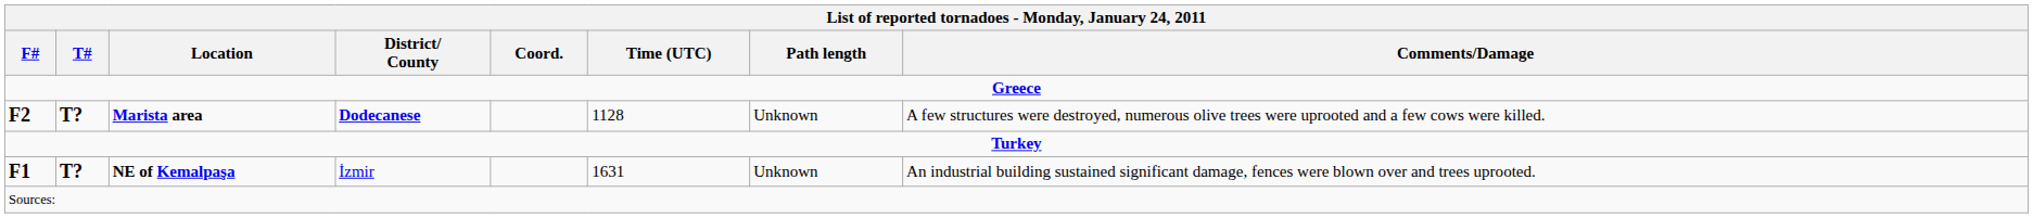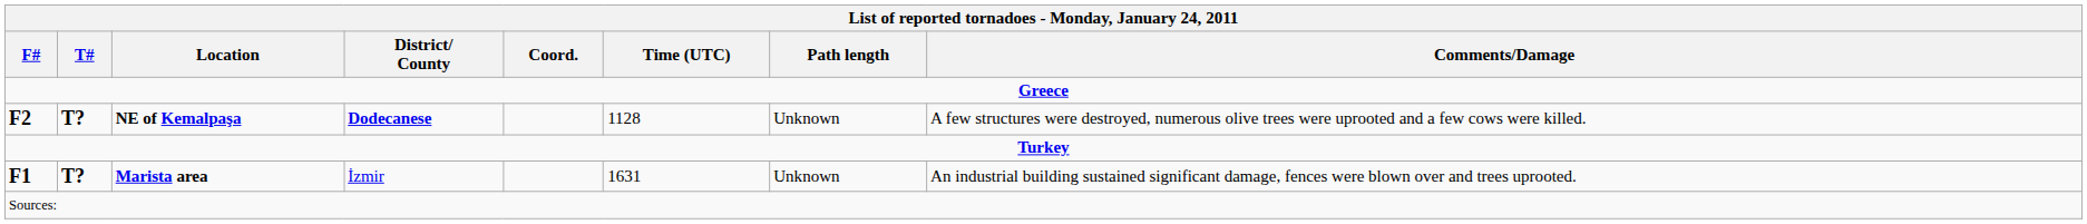 <table class="wikitable collapsible" width="100%">
 <tr>
 <th colspan="8">List of reported tornadoes - Monday, January 24, 2011</th>
 </tr>
 <tr>
 <th><a href='#'>F#</a></th>
 <th><a href='#'>T#</a></th>
 <th>Location</th>
 <th>District/<br>County</th>
 <th>Coord.</th>
 <th>Time (UTC)</th>
 <th>Path length</th>
 <th>Comments/Damage</th>
 </tr>
 <tr>
 <td colspan="8" align=center><strong><a href='#'>Greece</a></strong></td>
 </tr>
 <tr>
 <td><big><strong>F2</strong></big></td>
 <td><big><strong>T?</strong></big></td>
-<td><strong><a href='#'>Marista</a> area</strong></td>
+<td><strong>NE of <a href='#'>Kemalpaşa</a></strong></td>
 <td><strong><a href='#'>Dodecanese</a></strong></td>
 <td></td>
 <td>1128</td>
 <td>Unknown</td>
 <td>A few structures were destroyed, numerous olive trees were uprooted and a few cows were killed.</td>
 </tr>
 <tr>
 <td colspan="8" align=center><strong><a href='#'>Turkey</a></strong></td>
 </tr>
 <tr>
 <td><big><strong>F1</strong></big></td>
 <td><big><strong>T?</strong></big></td>
-<td><strong>NE of <a href='#'>Kemalpaşa</a></strong></td>
+<td><strong><a href='#'>Marista</a> area</strong></td>
 <td><a href='#'>İzmir</a></td>
 <td></td>
 <td>1631</td>
 <td>Unknown</td>
 <td>An industrial building sustained significant damage, fences were blown over and trees uprooted.</td>
 </tr>
 <tr>
 <td colspan="8"><small>Sources:  </small></td>
 </tr>
 </table>
